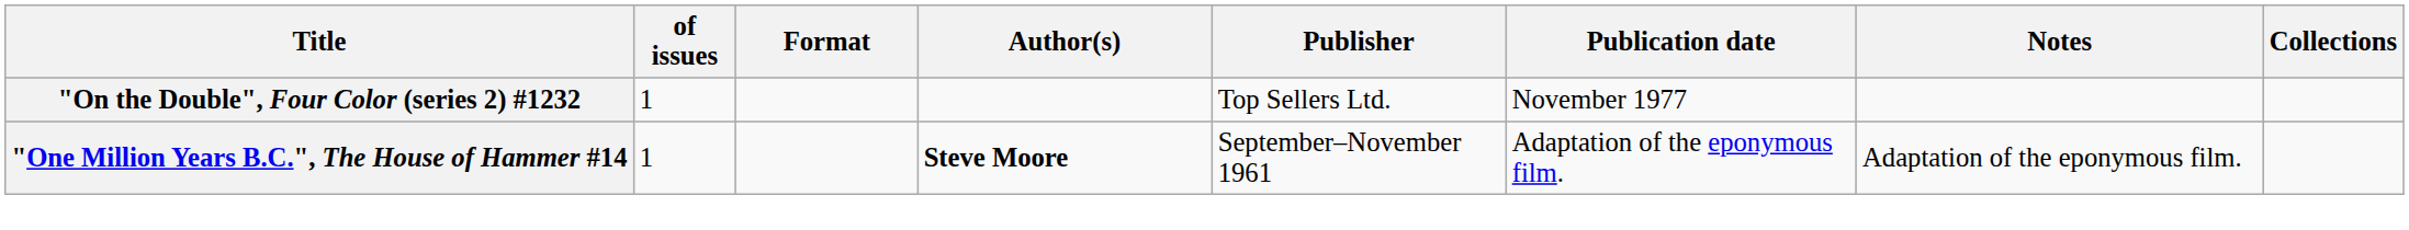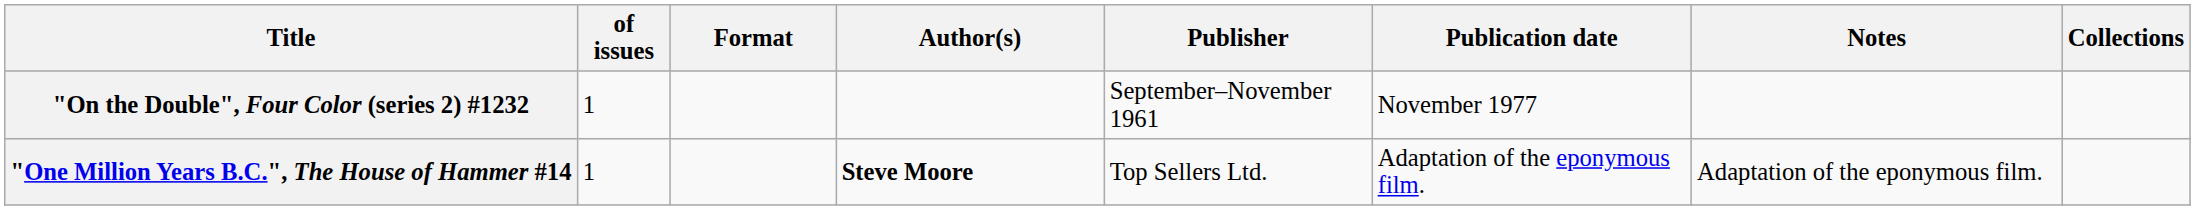 <table class="wikitable">
 <tr>
 <th>Title</th>
 <th style="width:40pt"> of issues</th>
 <th style="width:75pt">Format</th>
 <th style="width:125pt">Author(s)</th>
 <th style="width:125pt">Publisher</th>
 <th style="width:150pt">Publication date</th>
 <th style="width:175pt">Notes</th>
 <th>Collections</th>
 </tr>
 <tr>
 <th>"On the Double", <em>Four Color</em> (series 2) #1232</th>
 <td>1</td>
 <td></td>
 <td></td>
-<td>Top Sellers Ltd.</td>
+<td>September–November 1961</td>
 <td>November 1977</td>
 <td></td>
 </tr>
 <tr>
 <th>"<a href='#'>One Million Years B.C.</a>", <em>The House of Hammer</em> #14</th>
 <td>1</td>
 <td></td>
 <td><strong>Steve Moore</strong></td>
-<td>September–November 1961</td>
+<td>Top Sellers Ltd.</td>
 <td>Adaptation of the <a href='#'>eponymous film</a>.</td>
 <td>Adaptation of the eponymous film.</td>
 <td></td>
 </tr>
 </table>
